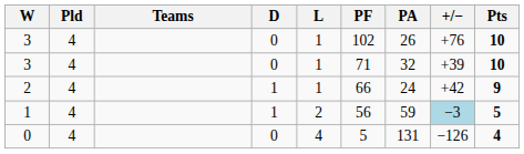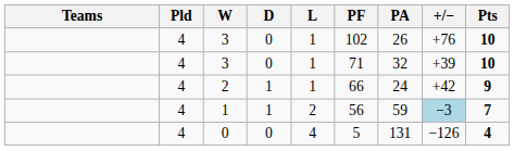 <table class="wikitable" style="text-align: center;">
 <tr>
+<th width="160">Teams</th>
+<th width="40">Pld</th>
 <th width="40">W</th>
-<th width="40">Pld</th>
-<th width="160">Teams</th>
 <th width="40">D</th>
 <th width="40">L</th>
 <th width="40">PF</th>
 <th width="40">PA</th>
 <th width="40">+/−</th>
 <th width="40">Pts</th>
 </tr>
 <tr>
+<td align=left></td>
+<td>4</td>
 <td>3</td>
-<td>4</td>
-<td align=left></td>
 <td>0</td>
 <td>1</td>
 <td>102</td>
 <td>26</td>
 <td>+76</td>
 <td><strong>10</strong></td>
 </tr>
 <tr>
+<td align=left></td>
+<td>4</td>
 <td>3</td>
-<td>4</td>
-<td align=left></td>
 <td>0</td>
 <td>1</td>
 <td>71</td>
 <td>32</td>
 <td>+39</td>
 <td><strong>10</strong></td>
 </tr>
 <tr>
+<td align=left></td>
+<td>4</td>
 <td>2</td>
-<td>4</td>
-<td align=left></td>
 <td>1</td>
 <td>1</td>
 <td>66</td>
 <td>24</td>
 <td>+42</td>
 <td><strong>9</strong></td>
 </tr>
 <tr>
+<td align=left></td>
+<td>4</td>
 <td>1</td>
-<td>4</td>
-<td align=left></td>
 <td>1</td>
 <td>2</td>
 <td>56</td>
 <td>59</td>
 <td style="background: lightblue;">−3</td>
-<td><strong>5</strong></td>
+<td><strong>7</strong></td>
 </tr>
 <tr>
+<td align=left></td>
+<td>4</td>
 <td>0</td>
-<td>4</td>
-<td align=left></td>
 <td>0</td>
 <td>4</td>
 <td>5</td>
 <td>131</td>
 <td>−126</td>
 <td><strong>4</strong></td>
 </tr>
 </table>
